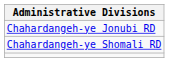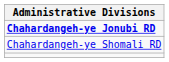 <table class="wikitable">
 <tr>
 <th>Administrative Divisions</th>
 </tr>
 <tr>
-<td><a href='#'>Chahardangeh-ye Jonubi RD</a></td>
+<td><strong><a href='#'>Chahardangeh-ye Jonubi RD</a></strong></td>
 </tr>
 <tr>
 <td><a href='#'>Chahardangeh-ye Shomali RD</a></td>
 </tr>
 <tr>
 <td colspan=1></td>
 </tr>
 </table>
